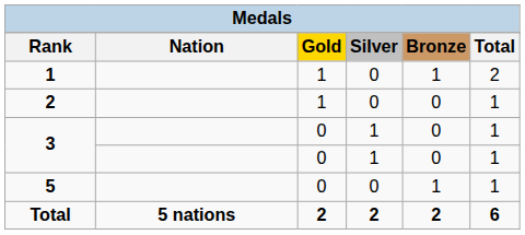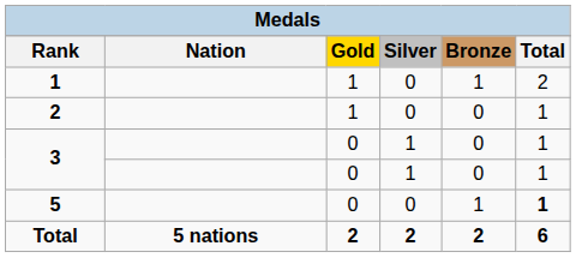 <table class=wikitable style=text-align:center>
 <tr>
 <td colspan=6 style="background:#BCD4E6"><strong>Medals</strong></td>
 </tr>
 <tr>
 </tr>
 <tr style="background-color:#EDEDED;">
 <th width=75px class="hintergrundfarbe5">Rank</th>
 <th width=175px class="hintergrundfarbe6">Nation</th>
 <th width=35px style="background:gold">Gold</th>
 <th width=35px style="background:silver">Silver</th>
 <th width=35px style="background:#CC9966">Bronze</th>
 <th width=35px>Total</th>
 </tr>
 <tr>
 <td><strong>1</strong></td>
 <td style="text-align:left"></td>
 <td>1</td>
 <td>0</td>
 <td>1</td>
 <td>2</td>
 </tr>
 <tr>
 <td><strong>2</strong></td>
 <td style="text-align:left"></td>
 <td>1</td>
 <td>0</td>
 <td>0</td>
 <td>1</td>
 </tr>
 <tr>
 <td rowspan="2"><strong>3</strong></td>
 <td style="text-align:left"></td>
 <td>0</td>
 <td>1</td>
 <td>0</td>
 <td>1</td>
 </tr>
 <tr>
 <td style="text-align:left"></td>
 <td>0</td>
 <td>1</td>
 <td>0</td>
 <td>1</td>
 </tr>
 <tr>
 <td><strong>5</strong></td>
 <td style="text-align:left"></td>
 <td>0</td>
 <td>0</td>
 <td>1</td>
-<td>1</td>
+<td><strong>1</strong></td>
 </tr>
 <tr>
 <td><strong>Total</strong></td>
 <td><strong>5 nations</strong></td>
 <td><strong>2</strong></td>
 <td><strong>2</strong></td>
 <td><strong>2</strong></td>
 <td><strong>6</strong></td>
 </tr>
 </table>
